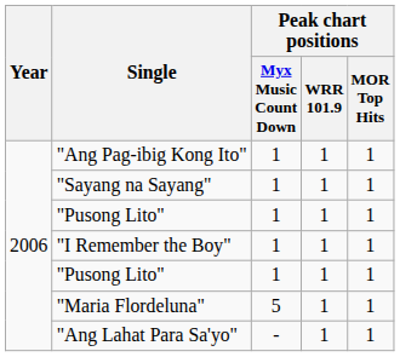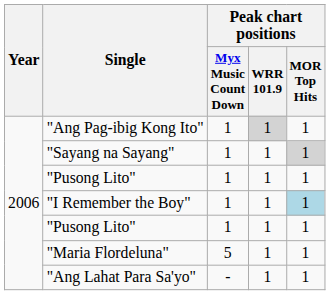 <table class="wikitable" style="text-align:center;">
 <tr>
 <th rowspan=2>Year</th>
 <th rowspan=2>Single</th>
 <th colspan=3>Peak chart positions</th>
 </tr>
 <tr style="font-size:smaller;">
 <th width=30><a href='#'>Myx</a> Music Count Down</th>
 <th width=30>WRR 101.9</th>
 <th width=30>MOR Top Hits</th>
 </tr>
 <tr>
 <td rowspan="7">2006</td>
 <td style="text-align:left;">"Ang Pag-ibig Kong Ito"</td>
 <td>1</td>
-<td>1</td>
+<td style="background: lightgrey;">1</td>
 <td>1</td>
 </tr>
 <tr>
 <td style="text-align:left;">"Sayang na Sayang"</td>
 <td>1</td>
 <td>1</td>
-<td>1</td>
+<td style="background: lightgrey;">1</td>
 </tr>
 <tr>
 <td style="text-align:left;">"Pusong Lito"</td>
 <td>1</td>
 <td>1</td>
 <td>1</td>
 </tr>
 <tr>
 <td style="text-align:left;">"I Remember the Boy"</td>
 <td>1</td>
 <td>1</td>
-<td>1</td>
+<td style="background: lightblue;">1</td>
 </tr>
 <tr>
 <td style="text-align:left;">"Pusong Lito"</td>
 <td>1</td>
 <td>1</td>
 <td>1</td>
 </tr>
 <tr>
 <td style="text-align:left;">"Maria Flordeluna"</td>
 <td>5</td>
 <td>1</td>
 <td>1</td>
 </tr>
 <tr>
 <td style="text-align:left;">"Ang Lahat Para Sa'yo"</td>
 <td>-</td>
 <td>1</td>
 <td>1</td>
 </tr>
 </table>
